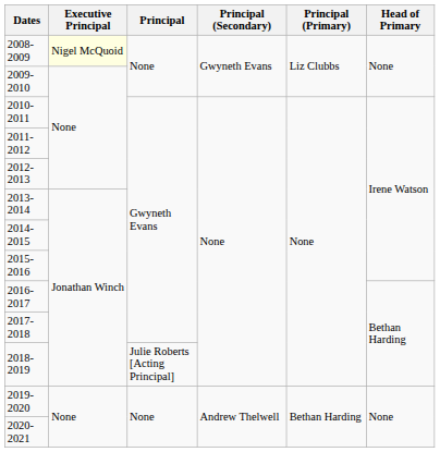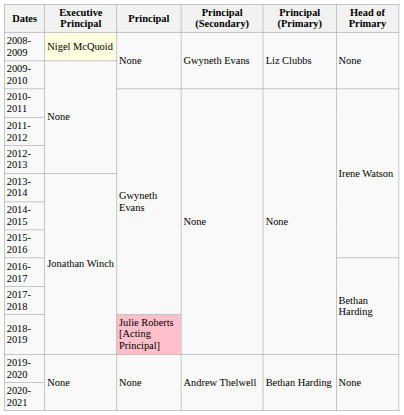 <table class="wikitable">
 <tr>
 <th>Dates</th>
 <th>Executive Principal</th>
 <th>Principal</th>
 <th>Principal (Secondary)</th>
 <th>Principal (Primary)</th>
 <th>Head of Primary</th>
 </tr>
 <tr>
 <td>2008-2009</td>
 <td style="background: lightyellow;">Nigel McQuoid</td>
 <td rowspan="2">None</td>
 <td rowspan="2">Gwyneth Evans</td>
 <td rowspan="2">Liz Clubbs</td>
 <td rowspan="2">None</td>
 </tr>
 <tr>
 <td>2009-2010</td>
 <td rowspan="4">None</td>
 </tr>
 <tr>
 <td>2010-2011</td>
 <td rowspan="8">Gwyneth Evans</td>
 <td rowspan="9">None</td>
 <td rowspan="9">None</td>
 <td rowspan="6">Irene Watson</td>
 </tr>
 <tr>
 <td>2011-2012</td>
 </tr>
 <tr>
 <td>2012-2013</td>
 </tr>
 <tr>
 <td>2013-2014</td>
 <td rowspan="6">Jonathan Winch</td>
 </tr>
 <tr>
 <td>2014-2015</td>
 </tr>
 <tr>
 <td>2015-2016</td>
 </tr>
 <tr>
 <td>2016-2017</td>
 <td rowspan="3">Bethan Harding</td>
 </tr>
 <tr>
 <td>2017-2018</td>
 </tr>
 <tr>
 <td>2018-2019</td>
-<td>Julie Roberts<br>[Acting Principal]</td>
+<td style="background: pink;">Julie Roberts<br>[Acting Principal]</td>
 </tr>
 <tr>
 <td>2019-2020</td>
 <td rowspan="2">None</td>
 <td rowspan="2">None</td>
 <td rowspan="2">Andrew Thelwell</td>
 <td rowspan="2">Bethan Harding</td>
 <td rowspan="2">None</td>
 </tr>
 <tr>
 <td>2020-2021</td>
 </tr>
 </table>
